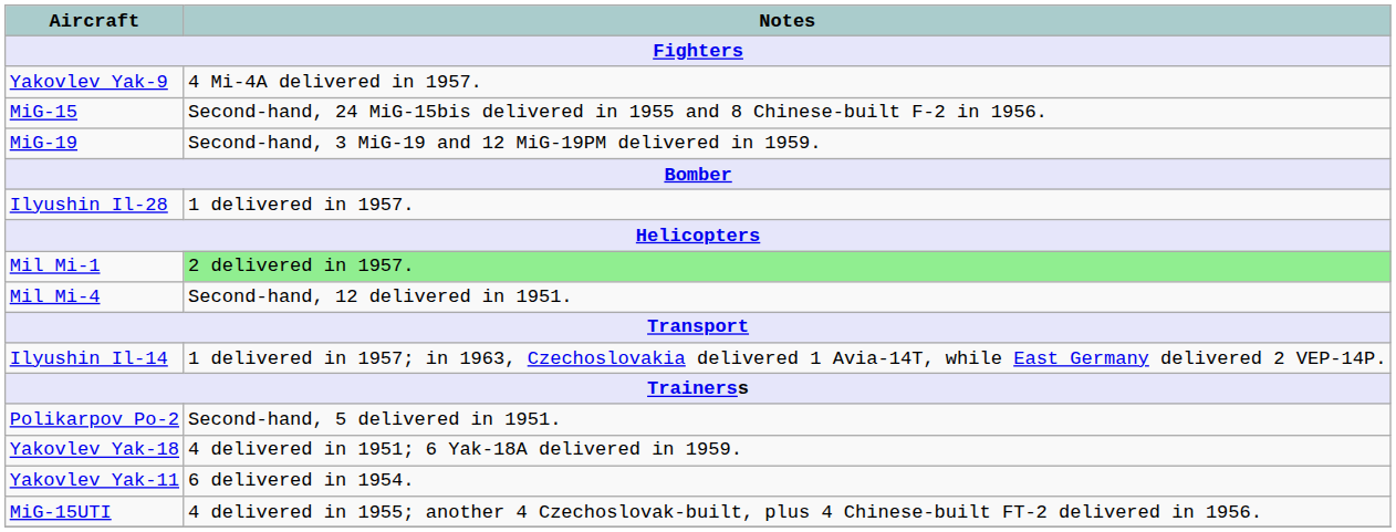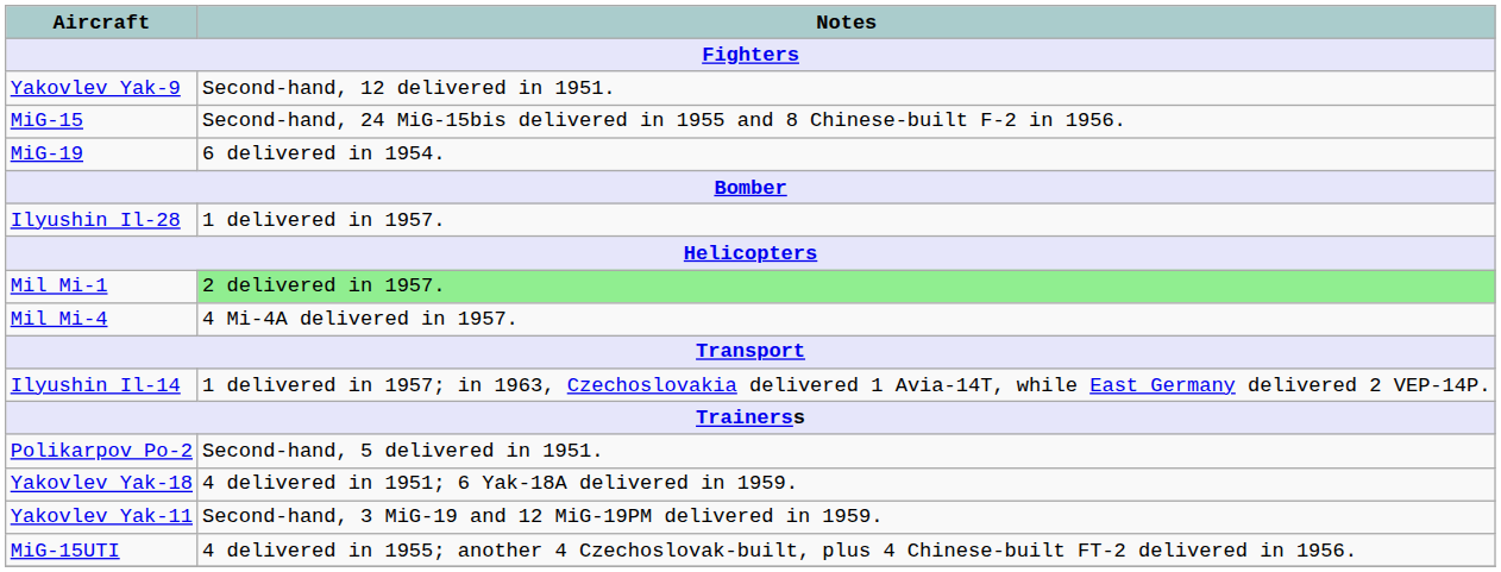 <table class="wikitable">
 <tr>
 <th style="text-align:center; background:#acc;">Aircraft</th>
 <th style="text-align: center; background:#acc;">Notes</th>
 </tr>
 <tr>
 <th colspan="2" style="align: center; background: lavender;"><a href='#'>Fighters</a></th>
 </tr>
 <tr>
 <td><a href='#'>Yakovlev Yak-9</a></td>
-<td>4 Mi-4A delivered in 1957.</td>
+<td>Second-hand, 12 delivered in 1951.</td>
 </tr>
 <tr>
 <td><a href='#'>MiG-15</a></td>
 <td>Second-hand, 24 MiG-15bis delivered in 1955 and 8 Chinese-built F-2 in 1956.</td>
 </tr>
 <tr>
 <td><a href='#'>MiG-19</a></td>
-<td>Second-hand, 3 MiG-19 and 12 MiG-19PM delivered in 1959.</td>
+<td>6 delivered in 1954.</td>
 </tr>
 <tr>
 <th colspan="3" style="align: center; background: lavender;"><a href='#'>Bomber</a></th>
 </tr>
 <tr>
 <td><a href='#'>Ilyushin Il-28</a></td>
 <td>1 delivered in 1957.</td>
 </tr>
 <tr>
 <th colspan="3" style="align: center; background: lavender;"><a href='#'>Helicopters</a></th>
 </tr>
 <tr>
 <td><a href='#'>Mil Mi-1</a></td>
 <td style="background: lightgreen;">2 delivered in 1957.</td>
 </tr>
 <tr>
 <td><a href='#'>Mil Mi-4</a></td>
-<td>Second-hand, 12 delivered in 1951.</td>
+<td>4 Mi-4A delivered in 1957.</td>
 </tr>
 <tr>
 <th colspan="3" style="align: center; background: lavender;"><a href='#'>Transport</a></th>
 </tr>
 <tr>
 <td><a href='#'>Ilyushin Il-14</a></td>
 <td>1 delivered in 1957; in 1963, <a href='#'>Czechoslovakia</a> delivered 1 Avia-14T, while <a href='#'>East Germany</a> delivered 2 VEP-14P.</td>
 </tr>
 <tr>
 <th colspan="3" style="align: center; background: lavender;"><a href='#'>Trainers</a>s</th>
 </tr>
 <tr>
 <td><a href='#'>Polikarpov Po-2</a></td>
 <td>Second-hand, 5 delivered in 1951.</td>
 </tr>
 <tr>
 <td><a href='#'>Yakovlev Yak-18</a></td>
 <td>4 delivered in 1951; 6 Yak-18A delivered in 1959.</td>
 </tr>
 <tr>
 <td><a href='#'>Yakovlev Yak-11</a></td>
-<td>6 delivered in 1954.</td>
+<td>Second-hand, 3 MiG-19 and 12 MiG-19PM delivered in 1959.</td>
 </tr>
 <tr>
 <td><a href='#'>MiG-15UTI</a></td>
 <td>4 delivered in 1955; another 4 Czechoslovak-built, plus 4 Chinese-built FT-2 delivered in 1956.</td>
 </tr>
 <tr>
 </tr>
 </table>
